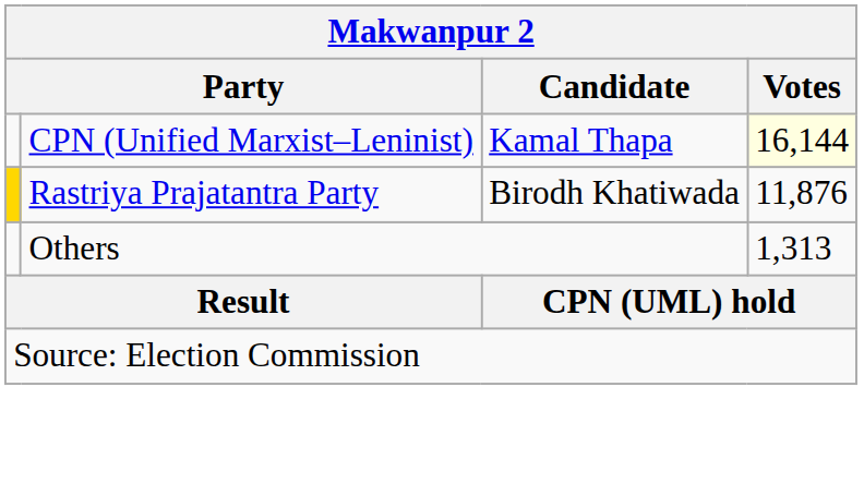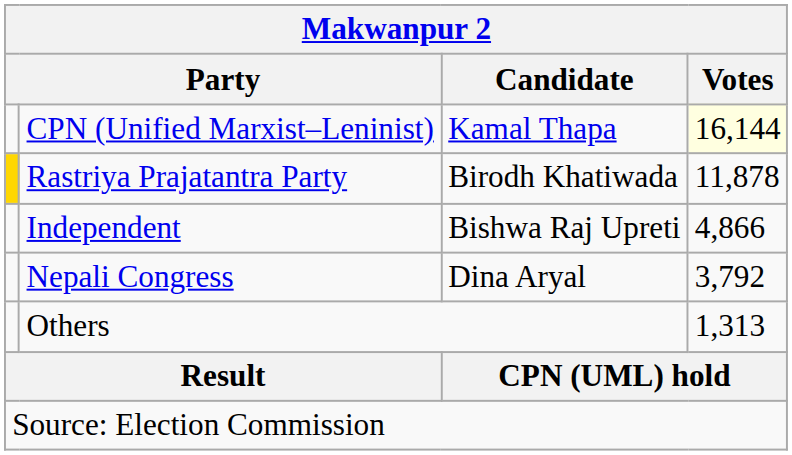 <table class="wikitable">
 <tr>
 <th colspan="4"><a href='#'>Makwanpur 2</a></th>
 </tr>
 <tr>
 <th colspan="2">Party</th>
 <th>Candidate</th>
 <th>Votes</th>
 </tr>
 <tr>
 <td style="background-color:"></td>
 <td><a href='#'>CPN (Unified Marxist–Leninist)</a></td>
 <td><a href='#'>Kamal Thapa</a></td>
 <td style="background: lightyellow;">16,144</td>
 </tr>
 <tr>
 <td style="background-color:gold"></td>
 <td><a href='#'>Rastriya Prajatantra Party</a></td>
 <td>Birodh Khatiwada</td>
-<td>11,876</td>
+<td>11,878</td>
+</tr>
+<tr>
+<td style="background-color:"></td>
+<td><a href='#'>Independent</a></td>
+<td>Bishwa Raj Upreti</td>
+<td>4,866</td>
+</tr>
+<tr>
+<td style="background-color:"></td>
+<td><a href='#'>Nepali Congress</a></td>
+<td>Dina Aryal</td>
+<td>3,792</td>
 </tr>
 <tr>
 <td></td>
 <td colspan="2">Others</td>
 <td>1,313</td>
 </tr>
 <tr>
 <th colspan="2">Result</th>
 <th colspan="2">CPN (UML) hold</th>
 </tr>
 <tr>
 <td colspan="4">Source: Election Commission</td>
 </tr>
 </table>
